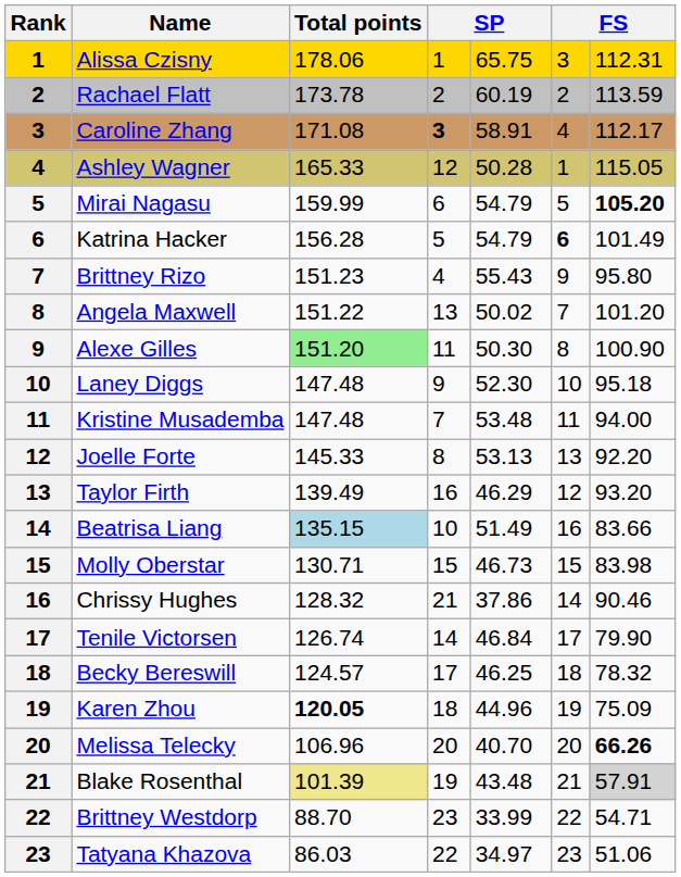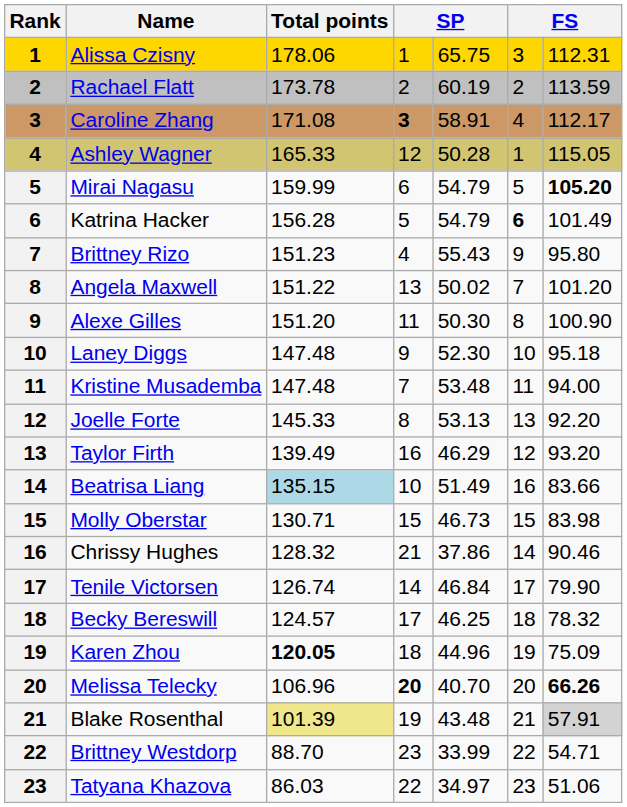 <table class="wikitable sortable">
 <tr>
 <th>Rank</th>
 <th>Name</th>
 <th>Total points</th>
 <th colspan="2" width="80px"><a href='#'>SP</a></th>
 <th colspan="2" width="80px"><a href='#'>FS</a></th>
 </tr>
 <tr bgcolor="gold">
 <td align="center"><strong>1</strong></td>
 <td><a href='#'>Alissa Czisny</a></td>
 <td>178.06</td>
 <td>1</td>
 <td>65.75</td>
 <td>3</td>
 <td>112.31</td>
 </tr>
 <tr bgcolor="silver">
 <td align="center"><strong>2</strong></td>
 <td><a href='#'>Rachael Flatt</a></td>
 <td>173.78</td>
 <td>2</td>
 <td>60.19</td>
 <td>2</td>
 <td>113.59</td>
 </tr>
 <tr bgcolor="cc9966">
 <td align="center"><strong>3</strong></td>
 <td><a href='#'>Caroline Zhang</a></td>
 <td>171.08</td>
 <td><strong>3</strong></td>
 <td>58.91</td>
 <td>4</td>
 <td>112.17</td>
 </tr>
 <tr bgcolor="#d1c571">
 <td align="center"><strong>4</strong></td>
 <td><a href='#'>Ashley Wagner</a></td>
 <td>165.33</td>
 <td>12</td>
 <td>50.28</td>
 <td>1</td>
 <td>115.05</td>
 </tr>
 <tr>
 <th>5</th>
 <td><a href='#'>Mirai Nagasu</a></td>
 <td>159.99</td>
 <td>6</td>
 <td>54.79</td>
 <td>5</td>
 <td><strong>105.20</strong></td>
 </tr>
 <tr>
 <th>6</th>
 <td>Katrina Hacker</td>
 <td>156.28</td>
 <td>5</td>
 <td>54.79</td>
 <td><strong>6</strong></td>
 <td>101.49</td>
 </tr>
 <tr>
 <th>7</th>
 <td><a href='#'>Brittney Rizo</a></td>
 <td>151.23</td>
 <td>4</td>
 <td>55.43</td>
 <td>9</td>
 <td>95.80</td>
 </tr>
 <tr>
 <th>8</th>
 <td><a href='#'>Angela Maxwell</a></td>
 <td>151.22</td>
 <td>13</td>
 <td>50.02</td>
 <td>7</td>
 <td>101.20</td>
 </tr>
 <tr>
 <th>9</th>
 <td><a href='#'>Alexe Gilles</a></td>
-<td style="background: lightgreen;">151.20</td>
+<td>151.20</td>
 <td>11</td>
 <td>50.30</td>
 <td>8</td>
 <td>100.90</td>
 </tr>
 <tr>
 <th>10</th>
 <td><a href='#'>Laney Diggs</a></td>
 <td>147.48</td>
 <td>9</td>
 <td>52.30</td>
 <td>10</td>
 <td>95.18</td>
 </tr>
 <tr>
 <th>11</th>
 <td><a href='#'>Kristine Musademba</a></td>
 <td>147.48</td>
 <td>7</td>
 <td>53.48</td>
 <td>11</td>
 <td>94.00</td>
 </tr>
 <tr>
 <th>12</th>
 <td><a href='#'>Joelle Forte</a></td>
 <td>145.33</td>
 <td>8</td>
 <td>53.13</td>
 <td>13</td>
 <td>92.20</td>
 </tr>
 <tr>
 <th>13</th>
 <td><a href='#'>Taylor Firth</a></td>
 <td>139.49</td>
 <td>16</td>
 <td>46.29</td>
 <td>12</td>
 <td>93.20</td>
 </tr>
 <tr>
 <th>14</th>
 <td><a href='#'>Beatrisa Liang</a></td>
 <td style="background: lightblue;">135.15</td>
 <td>10</td>
 <td>51.49</td>
 <td>16</td>
 <td>83.66</td>
 </tr>
 <tr>
 <th>15</th>
 <td><a href='#'>Molly Oberstar</a></td>
 <td>130.71</td>
 <td>15</td>
 <td>46.73</td>
 <td>15</td>
 <td>83.98</td>
 </tr>
 <tr>
 <th>16</th>
 <td>Chrissy Hughes</td>
 <td>128.32</td>
 <td>21</td>
 <td>37.86</td>
 <td>14</td>
 <td>90.46</td>
 </tr>
 <tr>
 <th>17</th>
 <td><a href='#'>Tenile Victorsen</a></td>
 <td>126.74</td>
 <td>14</td>
 <td>46.84</td>
 <td>17</td>
 <td>79.90</td>
 </tr>
 <tr>
 <th>18</th>
 <td><a href='#'>Becky Bereswill</a></td>
 <td>124.57</td>
 <td>17</td>
 <td>46.25</td>
 <td>18</td>
 <td>78.32</td>
 </tr>
 <tr>
 <th>19</th>
 <td><a href='#'>Karen Zhou</a></td>
 <td><strong>120.05</strong></td>
 <td>18</td>
 <td>44.96</td>
 <td>19</td>
 <td>75.09</td>
 </tr>
 <tr>
 <th>20</th>
 <td><a href='#'>Melissa Telecky</a></td>
 <td>106.96</td>
-<td>20</td>
+<td><strong>20</strong></td>
 <td>40.70</td>
 <td>20</td>
 <td><strong>66.26</strong></td>
 </tr>
 <tr>
 <th>21</th>
 <td>Blake Rosenthal</td>
 <td style="background: khaki;">101.39</td>
 <td>19</td>
 <td>43.48</td>
 <td>21</td>
 <td style="background: lightgrey;">57.91</td>
 </tr>
 <tr>
 <th>22</th>
 <td><a href='#'>Brittney Westdorp</a></td>
 <td>88.70</td>
 <td>23</td>
 <td>33.99</td>
 <td>22</td>
 <td>54.71</td>
 </tr>
 <tr>
 <th>23</th>
 <td><a href='#'>Tatyana Khazova</a></td>
 <td>86.03</td>
 <td>22</td>
 <td>34.97</td>
 <td>23</td>
 <td>51.06</td>
 </tr>
 </table>
